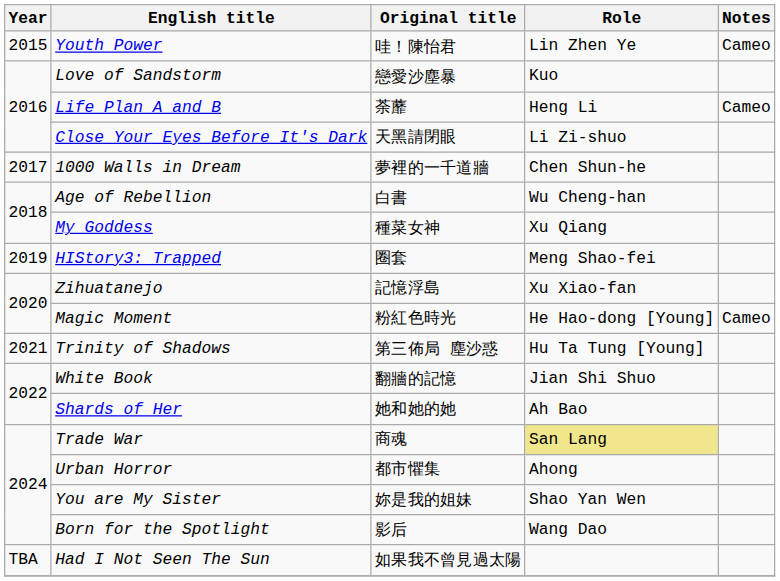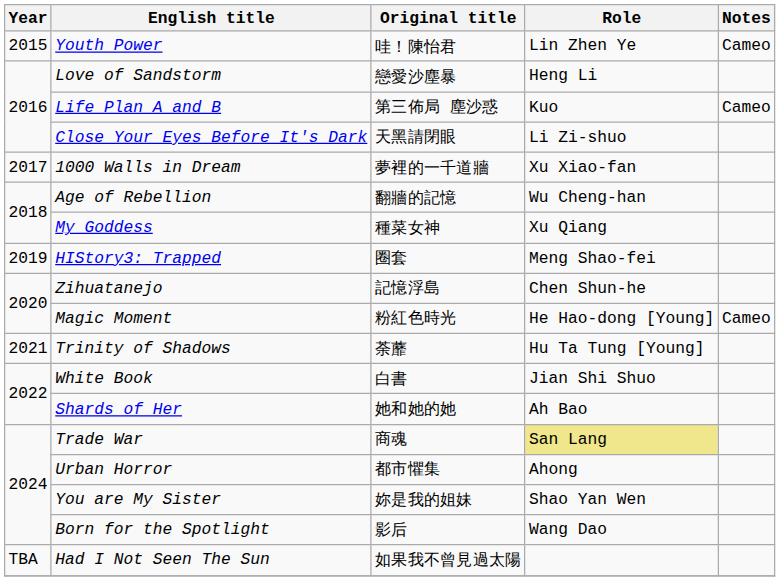 <table class = "wikitable sortable">
 <tr>
 <th>Year</th>
 <th>English title</th>
 <th>Original title</th>
 <th>Role</th>
 <th class="unsortable">Notes</th>
 </tr>
 <tr>
 <td>2015</td>
 <td><em><a href='#'>Youth Power</a></em></td>
 <td>哇！陳怡君</td>
 <td>Lin Zhen Ye</td>
 <td>Cameo</td>
 </tr>
 <tr>
 <td rowspan = 3>2016</td>
 <td><em>Love of Sandstorm</em></td>
 <td>戀愛沙塵暴</td>
-<td>Kuo</td>
+<td>Heng Li</td>
 <td></td>
 </tr>
 <tr>
 <td><em><a href='#'>Life Plan A and B</a></em></td>
-<td>荼蘼</td>
-<td>Heng Li</td>
+<td>第三佈局 塵沙惑</td>
+<td>Kuo</td>
 <td>Cameo</td>
 </tr>
 <tr>
 <td><em><a href='#'>Close Your Eyes Before It's Dark</a></em></td>
 <td>天黑請閉眼</td>
 <td>Li Zi-shuo</td>
 <td></td>
 </tr>
 <tr>
 <td>2017</td>
 <td><em>1000 Walls in Dream</em></td>
 <td>夢裡的一千道牆</td>
-<td>Chen Shun-he</td>
+<td>Xu Xiao-fan</td>
 <td></td>
 </tr>
 <tr>
 <td rowspan = 2>2018</td>
 <td><em>Age of Rebellion</em></td>
-<td>白書</td>
+<td>翻牆的記憶</td>
 <td>Wu Cheng-han</td>
 <td></td>
 </tr>
 <tr>
 <td><em><a href='#'>My Goddess</a></em></td>
 <td>種菜女神</td>
 <td>Xu Qiang</td>
 <td></td>
 </tr>
 <tr>
 <td>2019</td>
 <td><em><a href='#'>HIStory3: Trapped</a></em></td>
 <td>圈套</td>
 <td>Meng Shao-fei</td>
 <td></td>
 </tr>
 <tr>
 <td rowspan = 2>2020</td>
 <td><em>Zihuatanejo</em></td>
 <td>記憶浮島</td>
-<td>Xu Xiao-fan</td>
+<td>Chen Shun-he</td>
 <td></td>
 </tr>
 <tr>
 <td><em>Magic Moment</em></td>
 <td>粉紅色時光</td>
 <td>He Hao-dong [Young]</td>
 <td>Cameo</td>
 </tr>
 <tr>
 <td>2021</td>
 <td><em>Trinity of Shadows</em></td>
-<td>第三佈局 塵沙惑</td>
+<td>荼蘼</td>
 <td>Hu Ta Tung [Young]</td>
 <td></td>
 </tr>
 <tr>
 <td rowspan = 2>2022</td>
 <td><em>White Book</em></td>
-<td>翻牆的記憶</td>
+<td>白書</td>
 <td>Jian Shi Shuo</td>
 <td></td>
 </tr>
 <tr>
 <td><em><a href='#'>Shards of Her</a></em></td>
 <td>她和她的她</td>
 <td>Ah Bao</td>
 <td></td>
 </tr>
 <tr>
 <td rowspan = 4>2024</td>
 <td><em>Trade War</em></td>
 <td>商魂</td>
 <td style="background: khaki;">San Lang</td>
 <td></td>
 </tr>
 <tr>
 <td><em>Urban Horror</em></td>
 <td>都市懼集</td>
 <td>Ahong</td>
 <td></td>
 </tr>
 <tr>
 <td><em>You are My Sister</em></td>
 <td>妳是我的姐妹</td>
 <td>Shao Yan Wen</td>
 <td></td>
 </tr>
 <tr>
 <td><em>Born for the Spotlight</em></td>
 <td>影后</td>
 <td>Wang Dao</td>
 <td></td>
 </tr>
 <tr>
 <td>TBA</td>
 <td><em>Had I Not Seen The Sun</em></td>
 <td>如果我不曾見過太陽</td>
 <td></td>
 <td></td>
 </tr>
 <tr>
 </tr>
 </table>
